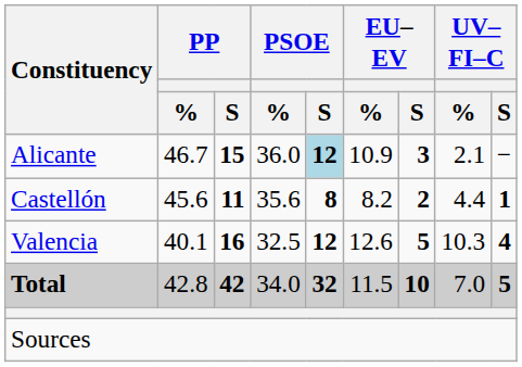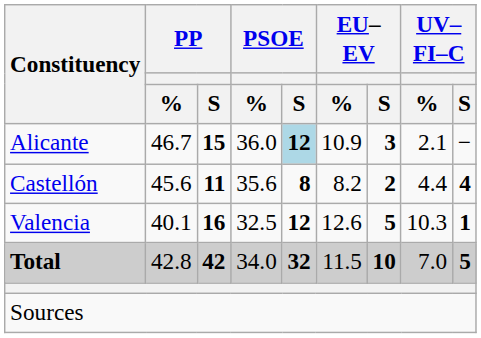 <table class="wikitable sortable" style="text-align:right; line-height:20px;">
 <tr>
 <th rowspan="3">Constituency</th>
 <th colspan="2" width="30px" class="unsortable"><a href='#'>PP</a></th>
 <th colspan="2" width="30px" class="unsortable"><a href='#'>PSOE</a></th>
 <th colspan="2" width="30px" class="unsortable"><a href='#'>EU</a>–<a href='#'>EV</a></th>
 <th colspan="2" width="30px" class="unsortable"><a href='#'>UV–FI–C</a></th>
 </tr>
 <tr>
 <th colspan="2" style="background:"></th>
 <th colspan="2" style="background:"></th>
 <th colspan="2" style="background:"></th>
 <th colspan="2" style="background:"></th>
 </tr>
 <tr>
 <th data-sort-type="number">%</th>
 <th data-sort-type="number">S</th>
 <th data-sort-type="number">%</th>
 <th data-sort-type="number">S</th>
 <th data-sort-type="number">%</th>
 <th data-sort-type="number">S</th>
 <th data-sort-type="number">%</th>
 <th data-sort-type="number">S</th>
 </tr>
 <tr>
 <td align="left"><a href='#'>Alicante</a></td>
 <td style="background:">46.7</td>
 <td><strong>15</strong></td>
 <td>36.0</td>
 <td style="background: lightblue;"><strong>12</strong></td>
 <td>10.9</td>
 <td><strong>3</strong></td>
 <td>2.1</td>
 <td>−</td>
 </tr>
 <tr>
 <td align="left"><a href='#'>Castellón</a></td>
 <td style="background:">45.6</td>
 <td><strong>11</strong></td>
 <td>35.6</td>
 <td><strong>8</strong></td>
 <td>8.2</td>
 <td><strong>2</strong></td>
 <td>4.4</td>
-<td><strong>1</strong></td>
+<td><strong>4</strong></td>
 </tr>
 <tr>
 <td align="left"><a href='#'>Valencia</a></td>
 <td style="background:">40.1</td>
 <td><strong>16</strong></td>
 <td>32.5</td>
 <td><strong>12</strong></td>
 <td>12.6</td>
 <td><strong>5</strong></td>
 <td>10.3</td>
-<td><strong>4</strong></td>
+<td><strong>1</strong></td>
 </tr>
 <tr style="background:#CDCDCD;">
 <td align="left"><strong>Total</strong></td>
 <td style="background:">42.8</td>
 <td><strong>42</strong></td>
 <td>34.0</td>
 <td><strong>32</strong></td>
 <td>11.5</td>
 <td><strong>10</strong></td>
 <td>7.0</td>
 <td><strong>5</strong></td>
 </tr>
 <tr>
 <th colspan="9"></th>
 </tr>
 <tr>
 <th style="text-align:left; font-weight:normal; background:#F9F9F9" colspan="9">Sources</th>
 </tr>
 </table>
